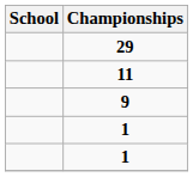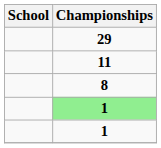 <table class="wikitable sortable" style="text-align:center">
 <tr>
 <th>School</th>
 <th>Championships</th>
 </tr>
 <tr>
 <td><strong><a href='#'></a></strong></td>
 <td><strong>29</strong></td>
 </tr>
 <tr>
 <td><strong><a href='#'></a></strong></td>
 <td><strong>11</strong></td>
 </tr>
 <tr>
 <td><strong><a href='#'></a></strong></td>
-<td><strong>9</strong></td>
+<td><strong>8</strong></td>
 </tr>
 <tr>
 <td><strong><a href='#'></a></strong></td>
-<td><strong>1</strong></td>
+<td style="background: lightgreen;"><strong>1</strong></td>
 </tr>
 <tr>
 <td><strong><a href='#'></a></strong></td>
 <td><strong>1</strong></td>
 </tr>
 <tr>
 </tr>
 </table>
